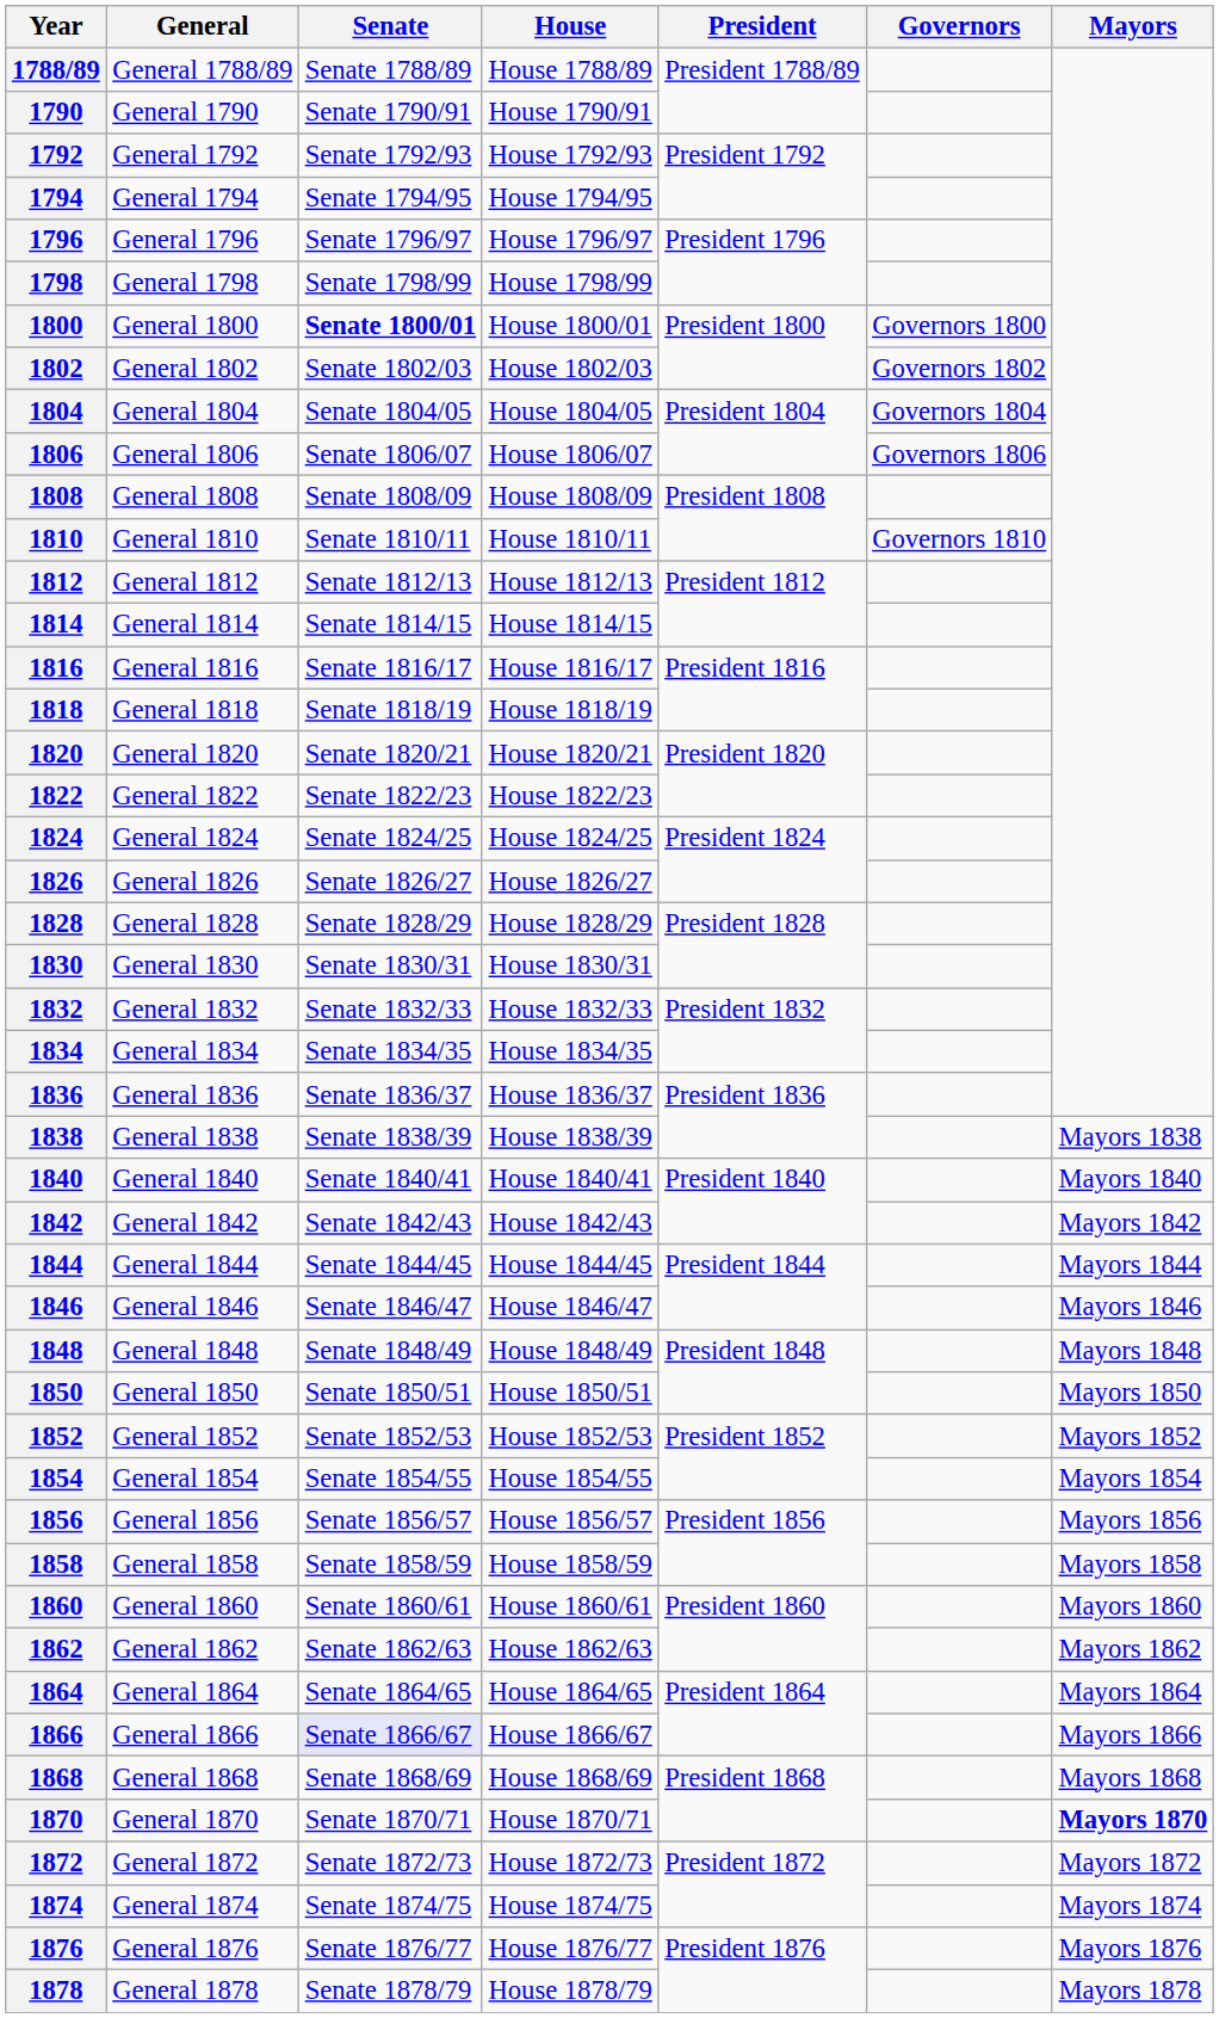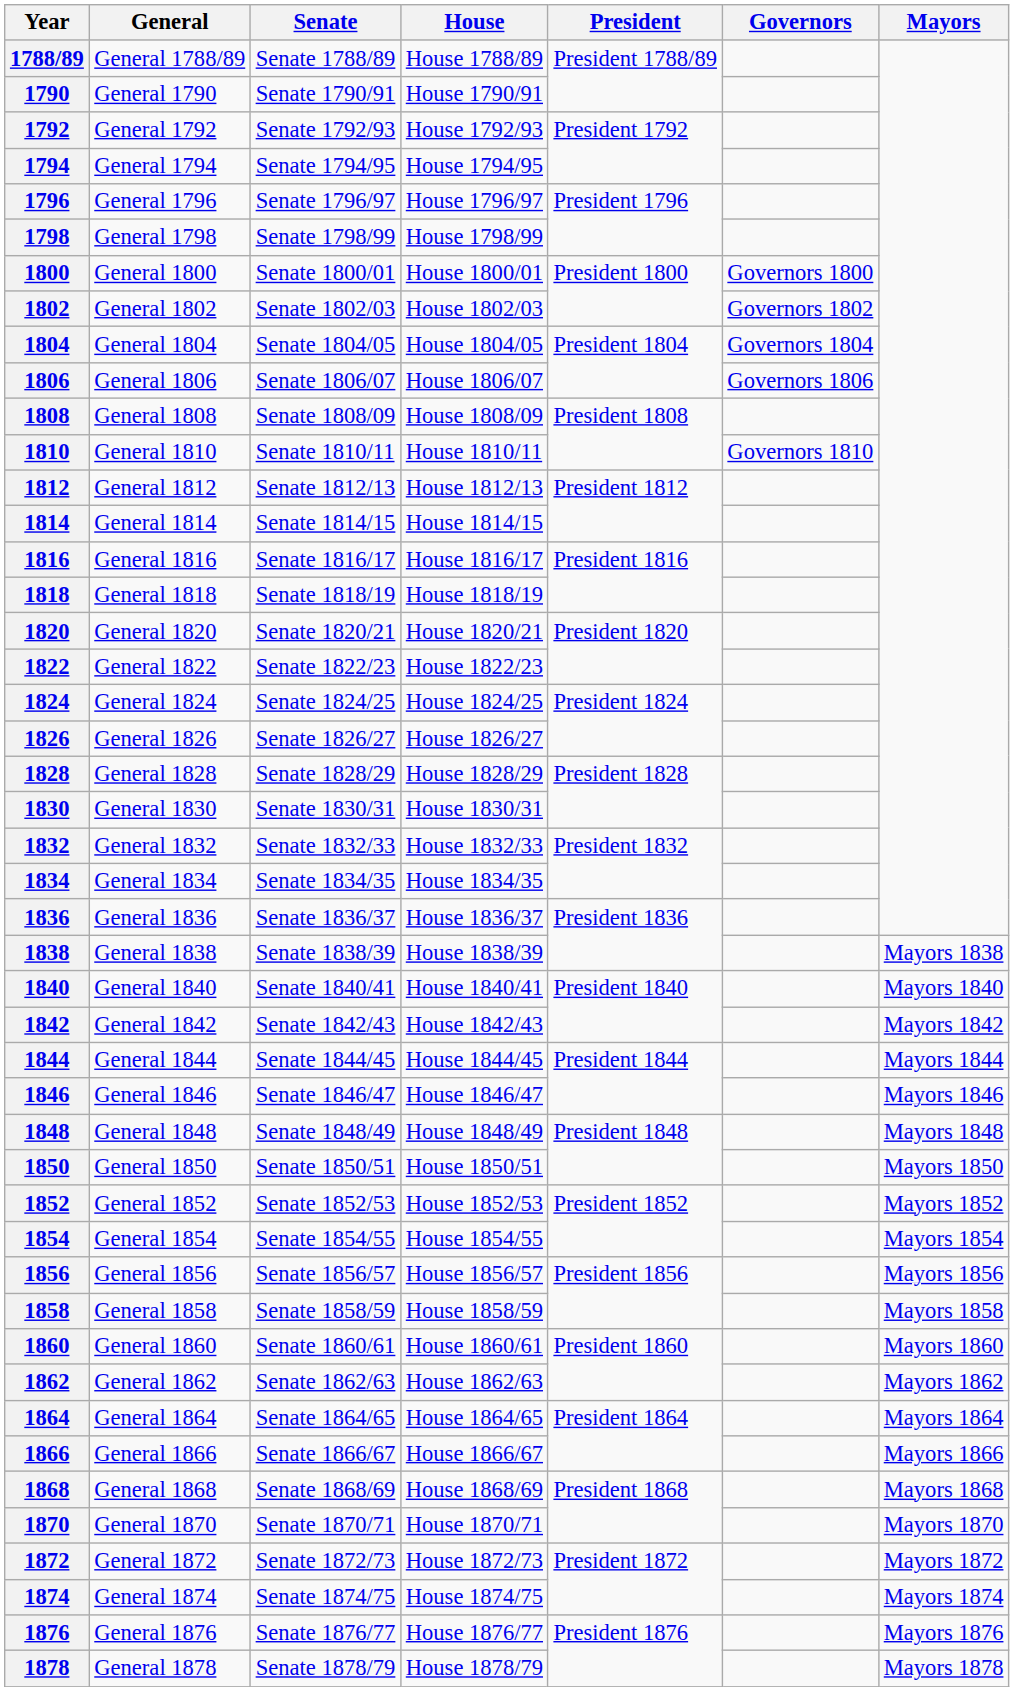 <table class=wikitable>
 <tr>
 <th>Year</th>
 <th>General</th>
 <th><a href='#'>Senate</a></th>
 <th><a href='#'>House</a></th>
 <th><a href='#'>President</a></th>
 <th><a href='#'>Governors</a></th>
 <th><a href='#'>Mayors</a></th>
 </tr>
 <tr valign=top>
 <th><a href='#'>1788/89</a></th>
 <td><a href='#'>General 1788/89</a></td>
 <td><a href='#'>Senate 1788/89</a></td>
 <td><a href='#'>House 1788/89</a></td>
 <td rowspan=2><a href='#'>President 1788/89</a></td>
 <td></td>
 </tr>
 <tr valign=top>
 <th><a href='#'>1790</a></th>
 <td><a href='#'>General 1790</a></td>
 <td><a href='#'>Senate 1790/91</a></td>
 <td><a href='#'>House 1790/91</a></td>
 <td></td>
 </tr>
 <tr valign=top>
 <th><a href='#'>1792</a></th>
 <td><a href='#'>General 1792</a></td>
 <td><a href='#'>Senate 1792/93</a></td>
 <td><a href='#'>House 1792/93</a></td>
 <td rowspan=2><a href='#'>President 1792</a></td>
 <td></td>
 </tr>
 <tr valign=top>
 <th><a href='#'>1794</a></th>
 <td><a href='#'>General 1794</a></td>
 <td><a href='#'>Senate 1794/95</a></td>
 <td><a href='#'>House 1794/95</a></td>
 <td></td>
 </tr>
 <tr valign=top>
 <th><a href='#'>1796</a></th>
 <td><a href='#'>General 1796</a></td>
 <td><a href='#'>Senate 1796/97</a></td>
 <td><a href='#'>House 1796/97</a></td>
 <td rowspan=2><a href='#'>President 1796</a></td>
 <td></td>
 </tr>
 <tr valign=top>
 <th><a href='#'>1798</a></th>
 <td><a href='#'>General 1798</a></td>
 <td><a href='#'>Senate 1798/99</a></td>
 <td><a href='#'>House 1798/99</a></td>
 <td></td>
 </tr>
 <tr valign=top>
 <th><a href='#'>1800</a></th>
 <td><a href='#'>General 1800</a></td>
-<td><strong><a href='#'>Senate 1800/01</a></strong></td>
+<td><a href='#'>Senate 1800/01</a></td>
 <td><a href='#'>House 1800/01</a></td>
 <td rowspan=2><a href='#'>President 1800</a></td>
 <td><a href='#'>Governors 1800</a></td>
 </tr>
 <tr valign=top>
 <th><a href='#'>1802</a></th>
 <td><a href='#'>General 1802</a></td>
 <td><a href='#'>Senate 1802/03</a></td>
 <td><a href='#'>House 1802/03</a></td>
 <td><a href='#'>Governors 1802</a></td>
 </tr>
 <tr valign=top>
 <th><a href='#'>1804</a></th>
 <td><a href='#'>General 1804</a></td>
 <td><a href='#'>Senate 1804/05</a></td>
 <td><a href='#'>House 1804/05</a></td>
 <td rowspan=2><a href='#'>President 1804</a></td>
 <td><a href='#'>Governors 1804</a></td>
 </tr>
 <tr valign=top>
 <th><a href='#'>1806</a></th>
 <td><a href='#'>General 1806</a></td>
 <td><a href='#'>Senate 1806/07</a></td>
 <td><a href='#'>House 1806/07</a></td>
 <td><a href='#'>Governors 1806</a></td>
 </tr>
 <tr valign=top>
 <th><a href='#'>1808</a></th>
 <td><a href='#'>General 1808</a></td>
 <td><a href='#'>Senate 1808/09</a></td>
 <td><a href='#'>House 1808/09</a></td>
 <td rowspan=2><a href='#'>President 1808</a></td>
 <td></td>
 </tr>
 <tr valign=top>
 <th><a href='#'>1810</a></th>
 <td><a href='#'>General 1810</a></td>
 <td><a href='#'>Senate 1810/11</a></td>
 <td><a href='#'>House 1810/11</a></td>
 <td><a href='#'>Governors 1810</a></td>
 </tr>
 <tr valign=top>
 <th><a href='#'>1812</a></th>
 <td><a href='#'>General 1812</a></td>
 <td><a href='#'>Senate 1812/13</a></td>
 <td><a href='#'>House 1812/13</a></td>
 <td rowspan=2><a href='#'>President 1812</a></td>
 <td></td>
 </tr>
 <tr valign=top>
 <th><a href='#'>1814</a></th>
 <td><a href='#'>General 1814</a></td>
 <td><a href='#'>Senate 1814/15</a></td>
 <td><a href='#'>House 1814/15</a></td>
 <td></td>
 </tr>
 <tr valign=top>
 <th><a href='#'>1816</a></th>
 <td><a href='#'>General 1816</a></td>
 <td><a href='#'>Senate 1816/17</a></td>
 <td><a href='#'>House 1816/17</a></td>
 <td rowspan=2><a href='#'>President 1816</a></td>
 <td></td>
 </tr>
 <tr valign=top>
 <th><a href='#'>1818</a></th>
 <td><a href='#'>General 1818</a></td>
 <td><a href='#'>Senate 1818/19</a></td>
 <td><a href='#'>House 1818/19</a></td>
 <td></td>
 </tr>
 <tr valign=top>
 <th><a href='#'>1820</a></th>
 <td><a href='#'>General 1820</a></td>
 <td><a href='#'>Senate 1820/21</a></td>
 <td><a href='#'>House 1820/21</a></td>
 <td rowspan=2><a href='#'>President 1820</a></td>
 <td></td>
 </tr>
 <tr valign=top>
 <th><a href='#'>1822</a></th>
 <td><a href='#'>General 1822</a></td>
 <td><a href='#'>Senate 1822/23</a></td>
 <td><a href='#'>House 1822/23</a></td>
 <td></td>
 </tr>
 <tr valign=top>
 <th><a href='#'>1824</a></th>
 <td><a href='#'>General 1824</a></td>
 <td><a href='#'>Senate 1824/25</a></td>
 <td><a href='#'>House 1824/25</a></td>
 <td rowspan=2><a href='#'>President 1824</a></td>
 <td></td>
 </tr>
 <tr valign=top>
 <th><a href='#'>1826</a></th>
 <td><a href='#'>General 1826</a></td>
 <td><a href='#'>Senate 1826/27</a></td>
 <td><a href='#'>House 1826/27</a></td>
 <td></td>
 </tr>
 <tr valign=top>
 <th><a href='#'>1828</a></th>
 <td><a href='#'>General 1828</a></td>
 <td><a href='#'>Senate 1828/29</a></td>
 <td><a href='#'>House 1828/29</a></td>
 <td rowspan=2><a href='#'>President 1828</a></td>
 <td></td>
 </tr>
 <tr valign=top>
 <th><a href='#'>1830</a></th>
 <td><a href='#'>General 1830</a></td>
 <td><a href='#'>Senate 1830/31</a></td>
 <td><a href='#'>House 1830/31</a></td>
 <td></td>
 </tr>
 <tr valign=top>
 <th><a href='#'>1832</a></th>
 <td><a href='#'>General 1832</a></td>
 <td><a href='#'>Senate 1832/33</a></td>
 <td><a href='#'>House 1832/33</a></td>
 <td rowspan=2><a href='#'>President 1832</a></td>
 <td></td>
 </tr>
 <tr valign=top>
 <th><a href='#'>1834</a></th>
 <td><a href='#'>General 1834</a></td>
 <td><a href='#'>Senate 1834/35</a></td>
 <td><a href='#'>House 1834/35</a></td>
 <td></td>
 </tr>
 <tr valign=top>
 <th><a href='#'>1836</a></th>
 <td><a href='#'>General 1836</a></td>
 <td><a href='#'>Senate 1836/37</a></td>
 <td><a href='#'>House 1836/37</a></td>
 <td rowspan=2><a href='#'>President 1836</a></td>
 <td></td>
 </tr>
 <tr valign=top>
 <th><a href='#'>1838</a></th>
 <td><a href='#'>General 1838</a></td>
 <td><a href='#'>Senate 1838/39</a></td>
 <td><a href='#'>House 1838/39</a></td>
 <td></td>
 <td><a href='#'>Mayors 1838</a></td>
 </tr>
 <tr valign=top>
 <th><a href='#'>1840</a></th>
 <td><a href='#'>General 1840</a></td>
 <td><a href='#'>Senate 1840/41</a></td>
 <td><a href='#'>House 1840/41</a></td>
 <td rowspan=2><a href='#'>President 1840</a></td>
 <td></td>
 <td><a href='#'>Mayors 1840</a></td>
 </tr>
 <tr valign=top>
 <th><a href='#'>1842</a></th>
 <td><a href='#'>General 1842</a></td>
 <td><a href='#'>Senate 1842/43</a></td>
 <td><a href='#'>House 1842/43</a></td>
 <td></td>
 <td><a href='#'>Mayors 1842</a></td>
 </tr>
 <tr valign=top>
 <th><a href='#'>1844</a></th>
 <td><a href='#'>General 1844</a></td>
 <td><a href='#'>Senate 1844/45</a></td>
 <td><a href='#'>House 1844/45</a></td>
 <td rowspan=2><a href='#'>President 1844</a></td>
 <td></td>
 <td><a href='#'>Mayors 1844</a></td>
 </tr>
 <tr valign=top>
 <th><a href='#'>1846</a></th>
 <td><a href='#'>General 1846</a></td>
 <td><a href='#'>Senate 1846/47</a></td>
 <td><a href='#'>House 1846/47</a></td>
 <td></td>
 <td><a href='#'>Mayors 1846</a></td>
 </tr>
 <tr valign=top>
 <th><a href='#'>1848</a></th>
 <td><a href='#'>General 1848</a></td>
 <td><a href='#'>Senate 1848/49</a></td>
 <td><a href='#'>House 1848/49</a></td>
 <td rowspan=2><a href='#'>President 1848</a></td>
 <td></td>
 <td><a href='#'>Mayors 1848</a></td>
 </tr>
 <tr valign=top>
 <th><a href='#'>1850</a></th>
 <td><a href='#'>General 1850</a></td>
 <td><a href='#'>Senate 1850/51</a></td>
 <td><a href='#'>House 1850/51</a></td>
 <td></td>
 <td><a href='#'>Mayors 1850</a></td>
 </tr>
 <tr valign=top>
 <th><a href='#'>1852</a></th>
 <td><a href='#'>General 1852</a></td>
 <td><a href='#'>Senate 1852/53</a></td>
 <td><a href='#'>House 1852/53</a></td>
 <td rowspan=2><a href='#'>President 1852</a></td>
 <td></td>
 <td><a href='#'>Mayors 1852</a></td>
 </tr>
 <tr valign=top>
 <th><a href='#'>1854</a></th>
 <td><a href='#'>General 1854</a></td>
 <td><a href='#'>Senate 1854/55</a></td>
 <td><a href='#'>House 1854/55</a></td>
 <td></td>
 <td><a href='#'>Mayors 1854</a></td>
 </tr>
 <tr valign=top>
 <th><a href='#'>1856</a></th>
 <td><a href='#'>General 1856</a></td>
 <td><a href='#'>Senate 1856/57</a></td>
 <td><a href='#'>House 1856/57</a></td>
 <td rowspan=2><a href='#'>President 1856</a></td>
 <td></td>
 <td><a href='#'>Mayors 1856</a></td>
 </tr>
 <tr valign=top>
 <th><a href='#'>1858</a></th>
 <td><a href='#'>General 1858</a></td>
 <td><a href='#'>Senate 1858/59</a></td>
 <td><a href='#'>House 1858/59</a></td>
 <td></td>
 <td><a href='#'>Mayors 1858</a></td>
 </tr>
 <tr valign=top>
 <th><a href='#'>1860</a></th>
 <td><a href='#'>General 1860</a></td>
 <td><a href='#'>Senate 1860/61</a></td>
 <td><a href='#'>House 1860/61</a></td>
 <td rowspan=2><a href='#'>President 1860</a></td>
 <td></td>
 <td><a href='#'>Mayors 1860</a></td>
 </tr>
 <tr valign=top>
 <th><a href='#'>1862</a></th>
 <td><a href='#'>General 1862</a></td>
 <td><a href='#'>Senate 1862/63</a></td>
 <td><a href='#'>House 1862/63</a></td>
 <td></td>
 <td><a href='#'>Mayors 1862</a></td>
 </tr>
 <tr valign=top>
 <th><a href='#'>1864</a></th>
 <td><a href='#'>General 1864</a></td>
 <td><a href='#'>Senate 1864/65</a></td>
 <td><a href='#'>House 1864/65</a></td>
 <td rowspan=2><a href='#'>President 1864</a></td>
 <td></td>
 <td><a href='#'>Mayors 1864</a></td>
 </tr>
 <tr valign=top>
 <th><a href='#'>1866</a></th>
 <td><a href='#'>General 1866</a></td>
-<td style="background: lavender;"><a href='#'>Senate 1866/67</a></td>
+<td><a href='#'>Senate 1866/67</a></td>
 <td><a href='#'>House 1866/67</a></td>
 <td></td>
 <td><a href='#'>Mayors 1866</a></td>
 </tr>
 <tr valign=top>
 <th><a href='#'>1868</a></th>
 <td><a href='#'>General 1868</a></td>
 <td><a href='#'>Senate 1868/69</a></td>
 <td><a href='#'>House 1868/69</a></td>
 <td rowspan=2><a href='#'>President 1868</a></td>
 <td></td>
 <td><a href='#'>Mayors 1868</a></td>
 </tr>
 <tr valign=top>
 <th><a href='#'>1870</a></th>
 <td><a href='#'>General 1870</a></td>
 <td><a href='#'>Senate 1870/71</a></td>
 <td><a href='#'>House 1870/71</a></td>
 <td></td>
-<td><strong><a href='#'>Mayors 1870</a></strong></td>
+<td><a href='#'>Mayors 1870</a></td>
 </tr>
 <tr valign=top>
 <th><a href='#'>1872</a></th>
 <td><a href='#'>General 1872</a></td>
 <td><a href='#'>Senate 1872/73</a></td>
 <td><a href='#'>House 1872/73</a></td>
 <td rowspan=2><a href='#'>President 1872</a></td>
 <td></td>
 <td><a href='#'>Mayors 1872</a></td>
 </tr>
 <tr valign=top>
 <th><a href='#'>1874</a></th>
 <td><a href='#'>General 1874</a></td>
 <td><a href='#'>Senate 1874/75</a></td>
 <td><a href='#'>House 1874/75</a></td>
 <td></td>
 <td><a href='#'>Mayors 1874</a></td>
 </tr>
 <tr valign=top>
 <th><a href='#'>1876</a></th>
 <td><a href='#'>General 1876</a></td>
 <td><a href='#'>Senate 1876/77</a></td>
 <td><a href='#'>House 1876/77</a></td>
 <td rowspan=2><a href='#'>President 1876</a></td>
 <td></td>
 <td><a href='#'>Mayors 1876</a></td>
 </tr>
 <tr valign=top>
 <th><a href='#'>1878</a></th>
 <td><a href='#'>General 1878</a></td>
 <td><a href='#'>Senate 1878/79</a></td>
 <td><a href='#'>House 1878/79</a></td>
 <td></td>
 <td><a href='#'>Mayors 1878</a></td>
 </tr>
 </table>
